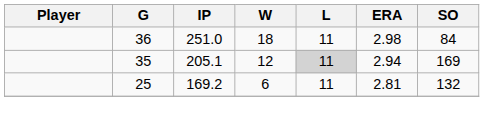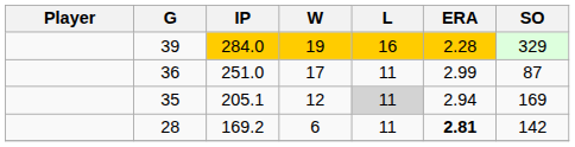 <table class="wikitable sortable">
 <tr>
 <th bgcolor="#DDDDFF" width="16%">Player</th>
 <th bgcolor="#DDDDFF" width="9%">G</th>
 <th bgcolor="#DDDDFF" width="9%">IP</th>
 <th bgcolor="#DDDDFF" width="9%">W</th>
 <th bgcolor="#DDDDFF" width="9%">L</th>
 <th bgcolor="#DDDDFF" width="9%">ERA</th>
 <th bgcolor="#DDDDFF" width="9%">SO</th>
 </tr>
 <tr align="center">
 <td></td>
+<td>39</td>
+<td style="background:#fc0;">284.0</td>
+<td style="background:#fc0;">19</td>
+<td style="background:#fc0;">16</td>
+<td style="background:#fc0;">2.28</td>
+<td style="background:#DDFFDD;">329</td>
+</tr>
+<tr align="center">
+<td></td>
 <td>36</td>
 <td>251.0</td>
-<td>18</td>
+<td>17</td>
 <td>11</td>
-<td>2.98</td>
-<td>84</td>
+<td>2.99</td>
+<td>87</td>
 </tr>
 <tr align="center">
 <td></td>
 <td>35</td>
 <td>205.1</td>
 <td>12</td>
 <td style="background: lightgrey;">11</td>
 <td>2.94</td>
 <td>169</td>
 </tr>
 <tr align="center">
 <td></td>
-<td>25</td>
+<td>28</td>
 <td>169.2</td>
 <td>6</td>
 <td>11</td>
-<td>2.81</td>
-<td>132</td>
+<td><strong>2.81</strong></td>
+<td>142</td>
 </tr>
 <tr align="center">
 </tr>
 </table>
